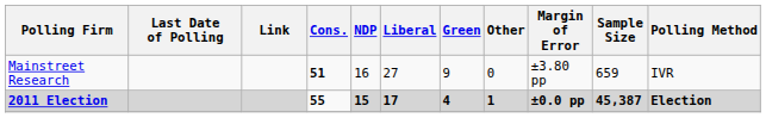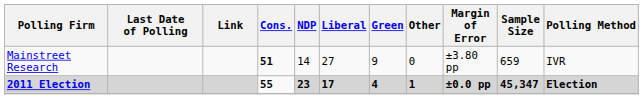 <table class="wikitable sortable">
 <tr style="background:#e9e9e9;">
 <th style="width:120px">Polling Firm</th>
 <th style="width:110px">Last Date<br>of Polling</th>
 <th style="width:60px" class="unsortable">Link</th>
 <th style="background-color:"><strong><a href='#'>Cons.</a></strong></th>
 <th style="background-color:"><strong><a href='#'>NDP</a></strong></th>
 <th style="background-color:"><strong><a href='#'>Liberal</a></strong></th>
 <th style="background-color:"><strong><a href='#'>Green</a></strong></th>
 <th style="background-color:"><strong>Other</strong></th>
 <th style="width:60px;" class=unsortable>Margin<br>of Error</th>
 <th style="width:50px;" class=unsortable>Sample<br>Size</th>
 <th class=unsortable>Polling Method</th>
 </tr>
 <tr>
 <td><a href='#'>Mainstreet Research</a></td>
 <td></td>
 <td></td>
 <td><strong>51</strong></td>
-<td>16</td>
+<td>14</td>
 <td>27</td>
 <td>9</td>
 <td>0</td>
 <td>±3.80 pp</td>
 <td>659</td>
 <td>IVR</td>
 </tr>
 <tr>
 <td style="background:#D5D5D5"><strong><a href='#'>2011 Election</a></strong></td>
 <td style="background:#D5D5D5"><strong></strong></td>
 <td style="background:#D5D5D5"></td>
 <td><strong>55</strong></td>
-<td style="background:#D5D5D5"><strong>15</strong></td>
+<td style="background:#D5D5D5"><strong>23</strong></td>
 <td style="background:#D5D5D5"><strong>17</strong></td>
 <td style="background:#D5D5D5"><strong>4</strong></td>
 <td style="background:#D5D5D5"><strong>1</strong></td>
 <td style="background:#D5D5D5"><strong>±0.0 pp</strong></td>
-<td style="background:#D5D5D5"><strong>45,387</strong></td>
+<td style="background:#D5D5D5"><strong>45,347</strong></td>
 <td style="background:#D5D5D5"><strong>Election</strong></td>
 </tr>
 <tr>
 </tr>
 <tr>
 </tr>
 </table>
